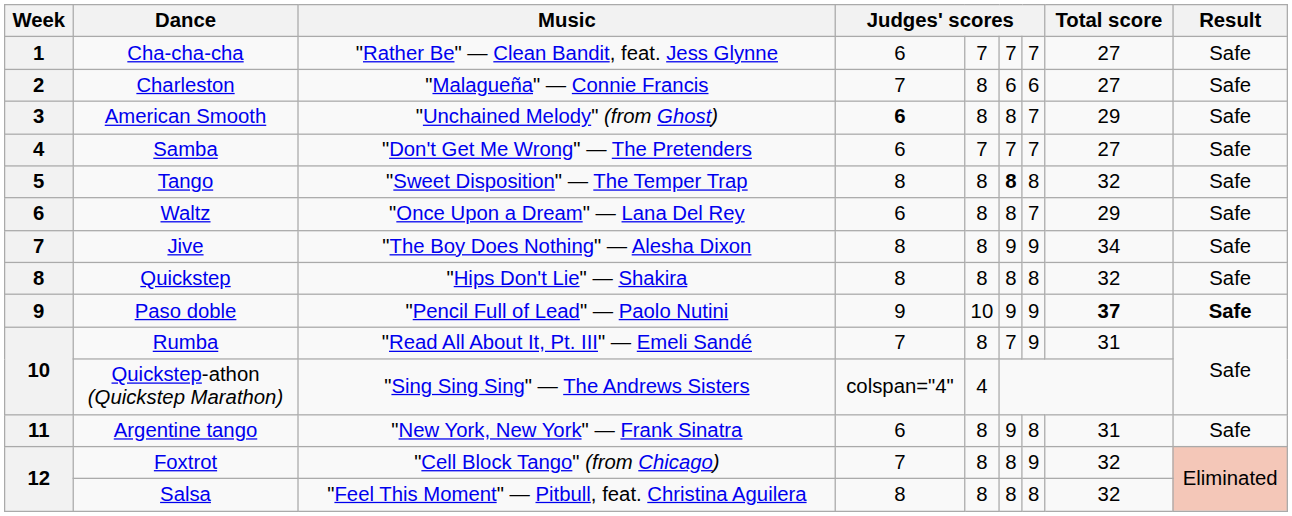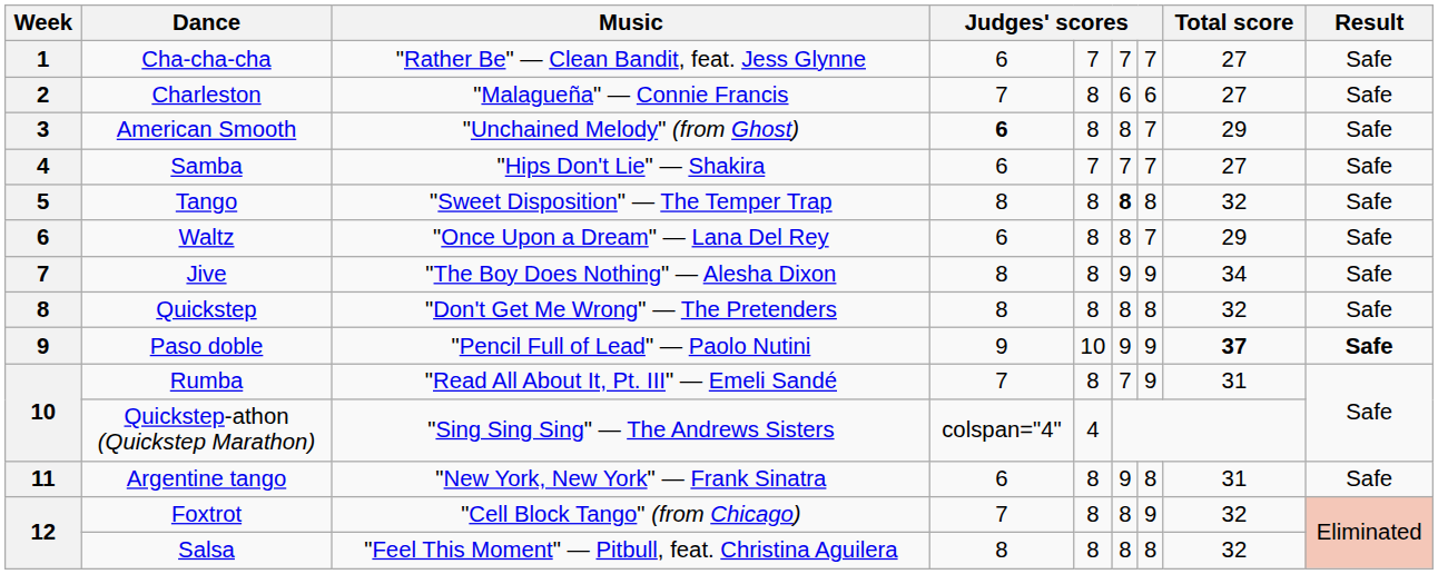 <table class="wikitable unsortable" style="text-align:center; width:80%">
 <tr>
 <th scope="col">Week</th>
 <th scope="col">Dance</th>
 <th scope="col">Music</th>
 <th scope="col" colspan="4">Judges' scores</th>
 <th scope="col">Total score</th>
 <th scope="col">Result</th>
 </tr>
 <tr>
 <th scope="row">1</th>
 <td><a href='#'>Cha-cha-cha</a></td>
 <td>"<a href='#'>Rather Be</a>" — <a href='#'>Clean Bandit</a>, feat. <a href='#'>Jess Glynne</a></td>
 <td>6</td>
 <td>7</td>
 <td>7</td>
 <td>7</td>
 <td>27</td>
 <td>Safe</td>
 </tr>
 <tr>
 <th scope="row">2</th>
 <td><a href='#'>Charleston</a></td>
 <td>"<a href='#'>Malagueña</a>" — <a href='#'>Connie Francis</a></td>
 <td>7</td>
 <td>8</td>
 <td>6</td>
 <td>6</td>
 <td>27</td>
 <td>Safe</td>
 </tr>
 <tr>
 <th scope="row">3</th>
 <td><a href='#'>American Smooth</a></td>
 <td>"<a href='#'>Unchained Melody</a>" <em>(from <a href='#'>Ghost</a>)</em></td>
 <td><strong>6</strong></td>
 <td>8</td>
 <td>8</td>
 <td>7</td>
 <td>29</td>
 <td>Safe</td>
 </tr>
 <tr>
 <th scope="row">4</th>
 <td><a href='#'>Samba</a></td>
-<td>"<a href='#'>Don't Get Me Wrong</a>" — <a href='#'>The Pretenders</a></td>
+<td>"<a href='#'>Hips Don't Lie</a>" — <a href='#'>Shakira</a></td>
 <td>6</td>
 <td>7</td>
 <td>7</td>
 <td>7</td>
 <td>27</td>
 <td>Safe</td>
 </tr>
 <tr>
 <th scope="row">5</th>
 <td><a href='#'>Tango</a></td>
 <td>"<a href='#'>Sweet Disposition</a>" — <a href='#'>The Temper Trap</a></td>
 <td>8</td>
 <td>8</td>
 <td><strong>8</strong></td>
 <td>8</td>
 <td>32</td>
 <td>Safe</td>
 </tr>
 <tr>
 <th scope="row">6</th>
 <td><a href='#'>Waltz</a></td>
 <td>"<a href='#'>Once Upon a Dream</a>" — <a href='#'>Lana Del Rey</a></td>
 <td>6</td>
 <td>8</td>
 <td>8</td>
 <td>7</td>
 <td>29</td>
 <td>Safe</td>
 </tr>
 <tr>
 <th scope="row">7</th>
 <td><a href='#'>Jive</a></td>
 <td>"<a href='#'>The Boy Does Nothing</a>" — <a href='#'>Alesha Dixon</a></td>
 <td>8</td>
 <td>8</td>
 <td>9</td>
 <td>9</td>
 <td>34</td>
 <td>Safe</td>
 </tr>
 <tr>
 <th scope="row">8</th>
 <td><a href='#'>Quickstep</a></td>
-<td>"<a href='#'>Hips Don't Lie</a>" — <a href='#'>Shakira</a></td>
+<td>"<a href='#'>Don't Get Me Wrong</a>" — <a href='#'>The Pretenders</a></td>
 <td>8</td>
 <td>8</td>
 <td>8</td>
 <td>8</td>
 <td>32</td>
 <td>Safe</td>
 </tr>
 <tr>
 <th scope="row">9</th>
 <td><a href='#'>Paso doble</a></td>
 <td>"<a href='#'>Pencil Full of Lead</a>" — <a href='#'>Paolo Nutini</a></td>
 <td>9</td>
 <td>10</td>
 <td>9</td>
 <td>9</td>
 <td><strong>37</strong></td>
 <td><strong>Safe</strong></td>
 </tr>
 <tr>
 <th scope="row" rowspan="2">10</th>
 <td><a href='#'>Rumba</a></td>
 <td>"<a href='#'>Read All About It, Pt. III</a>" — <a href='#'>Emeli Sandé</a></td>
 <td>7</td>
 <td>8</td>
 <td>7</td>
 <td>9</td>
 <td>31</td>
 <td rowspan="2">Safe</td>
 </tr>
 <tr>
 <td><a href='#'>Quickstep</a>-athon<br><em>(Quickstep Marathon)</em></td>
 <td>"<a href='#'>Sing Sing Sing</a>" — <a href='#'>The Andrews Sisters</a></td>
 <td>colspan="4" </td>
 <td>4</td>
 </tr>
 <tr>
 <th scope="row">11</th>
 <td><a href='#'>Argentine tango</a></td>
 <td>"<a href='#'>New York, New York</a>" — <a href='#'>Frank Sinatra</a></td>
 <td>6</td>
 <td>8</td>
 <td>9</td>
 <td>8</td>
 <td>31</td>
 <td>Safe</td>
 </tr>
 <tr>
 <th scope="row" rowspan="2">12<br></th>
 <td><a href='#'>Foxtrot</a></td>
 <td>"<a href='#'>Cell Block Tango</a>" <em>(from <a href='#'>Chicago</a>)</em></td>
 <td>7</td>
 <td>8</td>
 <td>8</td>
 <td>9</td>
 <td>32</td>
 <td rowspan="2" bgcolor="f4c7b8">Eliminated</td>
 </tr>
 <tr>
 <td><a href='#'>Salsa</a></td>
 <td>"<a href='#'>Feel This Moment</a>" — <a href='#'>Pitbull</a>, feat. <a href='#'>Christina Aguilera</a></td>
 <td>8</td>
 <td>8</td>
 <td>8</td>
 <td>8</td>
 <td>32</td>
 </tr>
 </table>
